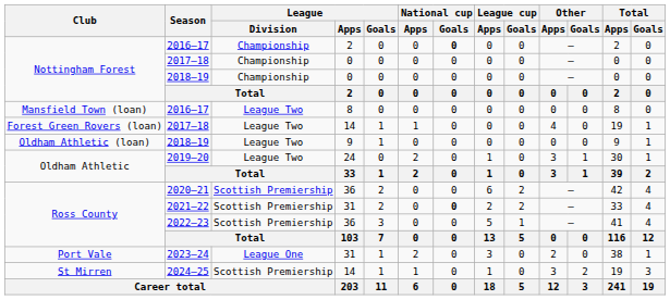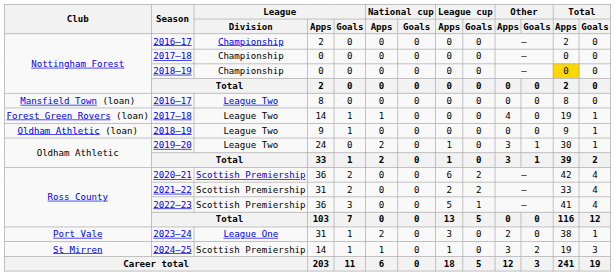 <table class="wikitable" style="text-align:center">
 <tr>
 <th rowspan="2">Club</th>
 <th rowspan="2">Season</th>
 <th colspan="3">League</th>
 <th colspan="2">National cup</th>
 <th colspan="2">League cup</th>
 <th colspan="2">Other</th>
 <th colspan="2">Total</th>
 </tr>
 <tr>
 <th>Division</th>
 <th>Apps</th>
 <th>Goals</th>
 <th>Apps</th>
 <th>Goals</th>
 <th>Apps</th>
 <th>Goals</th>
 <th>Apps</th>
 <th>Goals</th>
 <th>Apps</th>
 <th>Goals</th>
 </tr>
 <tr>
 <td rowspan="4"><a href='#'>Nottingham Forest</a></td>
 <td><a href='#'>2016–17</a></td>
 <td><a href='#'>Championship</a></td>
 <td>2</td>
 <td>0</td>
 <td>0</td>
-<td><strong>0</strong></td>
+<td>0</td>
 <td>0</td>
 <td>0</td>
 <td colspan="2">—</td>
 <td>2</td>
 <td>0</td>
 </tr>
 <tr>
 <td><a href='#'>2017–18</a></td>
 <td>Championship</td>
 <td>0</td>
 <td>0</td>
 <td>0</td>
 <td>0</td>
 <td>0</td>
 <td>0</td>
 <td colspan="2">—</td>
 <td>0</td>
 <td>0</td>
 </tr>
 <tr>
 <td><a href='#'>2018–19</a></td>
 <td>Championship</td>
 <td>0</td>
 <td>0</td>
 <td>0</td>
 <td>0</td>
 <td>0</td>
 <td>0</td>
 <td colspan="2">—</td>
-<td>0</td>
+<td style="background: gold;">0</td>
 <td>0</td>
 </tr>
 <tr>
 <th colspan="2">Total</th>
 <th>2</th>
 <th>0</th>
 <th>0</th>
 <th>0</th>
 <th>0</th>
 <th>0</th>
 <th>0</th>
 <th>0</th>
 <th>2</th>
 <th>0</th>
 </tr>
 <tr>
 <td><a href='#'>Mansfield Town</a> (loan)</td>
 <td><a href='#'>2016–17</a></td>
 <td><a href='#'>League Two</a></td>
 <td>8</td>
 <td>0</td>
 <td>0</td>
 <td>0</td>
 <td>0</td>
 <td>0</td>
 <td>0</td>
 <td>0</td>
 <td>8</td>
 <td>0</td>
 </tr>
 <tr>
 <td><a href='#'>Forest Green Rovers</a> (loan)</td>
 <td><a href='#'>2017–18</a></td>
 <td>League Two</td>
 <td>14</td>
 <td>1</td>
 <td>1</td>
 <td>0</td>
 <td>0</td>
 <td>0</td>
 <td>4</td>
 <td>0</td>
 <td>19</td>
 <td>1</td>
 </tr>
 <tr>
 <td><a href='#'>Oldham Athletic</a> (loan)</td>
 <td><a href='#'>2018–19</a></td>
 <td>League Two</td>
 <td>9</td>
 <td>1</td>
 <td>0</td>
 <td>0</td>
 <td>0</td>
 <td>0</td>
 <td>0</td>
 <td>0</td>
 <td>9</td>
 <td>1</td>
 </tr>
 <tr>
 <td rowspan="2">Oldham Athletic</td>
 <td><a href='#'>2019–20</a></td>
 <td>League Two</td>
 <td>24</td>
 <td>0</td>
 <td>2</td>
 <td>0</td>
 <td>1</td>
 <td>0</td>
 <td>3</td>
 <td>1</td>
 <td>30</td>
 <td>1</td>
 </tr>
 <tr>
 <th colspan="2">Total</th>
 <th>33</th>
 <th>1</th>
 <th>2</th>
 <th>0</th>
 <th>1</th>
 <th>0</th>
 <th>3</th>
 <th>1</th>
 <th>39</th>
 <th>2</th>
 </tr>
 <tr>
 <td rowspan=4><a href='#'>Ross County</a></td>
 <td><a href='#'>2020–21</a></td>
 <td><a href='#'>Scottish Premiership</a></td>
 <td>36</td>
 <td>2</td>
 <td>0</td>
 <td>0</td>
 <td>6</td>
 <td>2</td>
 <td colspan="2">—</td>
 <td>42</td>
 <td>4</td>
 </tr>
 <tr>
 <td><a href='#'>2021–22</a></td>
 <td>Scottish Premiership</td>
 <td>31</td>
 <td>2</td>
 <td>0</td>
-<td><strong>0</strong></td>
+<td>0</td>
 <td>2</td>
 <td>2</td>
 <td colspan="2">—</td>
 <td>33</td>
 <td>4</td>
 </tr>
 <tr>
 <td><a href='#'>2022–23</a></td>
 <td>Scottish Premiership</td>
 <td>36</td>
 <td>3</td>
 <td>0</td>
 <td>0</td>
 <td>5</td>
 <td>1</td>
 <td colspan="2">—</td>
 <td>41</td>
 <td>4</td>
 </tr>
 <tr>
 <th colspan="2">Total</th>
 <th>103</th>
 <th>7</th>
 <th>0</th>
 <th>0</th>
 <th>13</th>
 <th>5</th>
 <th>0</th>
 <th>0</th>
 <th>116</th>
 <th>12</th>
 </tr>
 <tr>
 <td><a href='#'>Port Vale</a></td>
 <td><a href='#'>2023–24</a></td>
 <td><a href='#'>League One</a></td>
 <td>31</td>
 <td>1</td>
 <td>2</td>
 <td>0</td>
 <td>3</td>
 <td>0</td>
 <td>2</td>
 <td>0</td>
 <td>38</td>
 <td>1</td>
 </tr>
 <tr>
 <td><a href='#'>St Mirren</a></td>
 <td><a href='#'>2024–25</a></td>
 <td>Scottish Premiership</td>
 <td>14</td>
 <td>1</td>
 <td>1</td>
 <td>0</td>
 <td>1</td>
 <td>0</td>
 <td>3</td>
 <td>2</td>
 <td>19</td>
 <td>3</td>
 </tr>
 <tr>
 <th colspan=3>Career total</th>
 <th>203</th>
 <th>11</th>
 <th>6</th>
 <th>0</th>
 <th>18</th>
 <th>5</th>
 <th>12</th>
 <th>3</th>
 <th>241</th>
 <th>19</th>
 </tr>
 </table>
